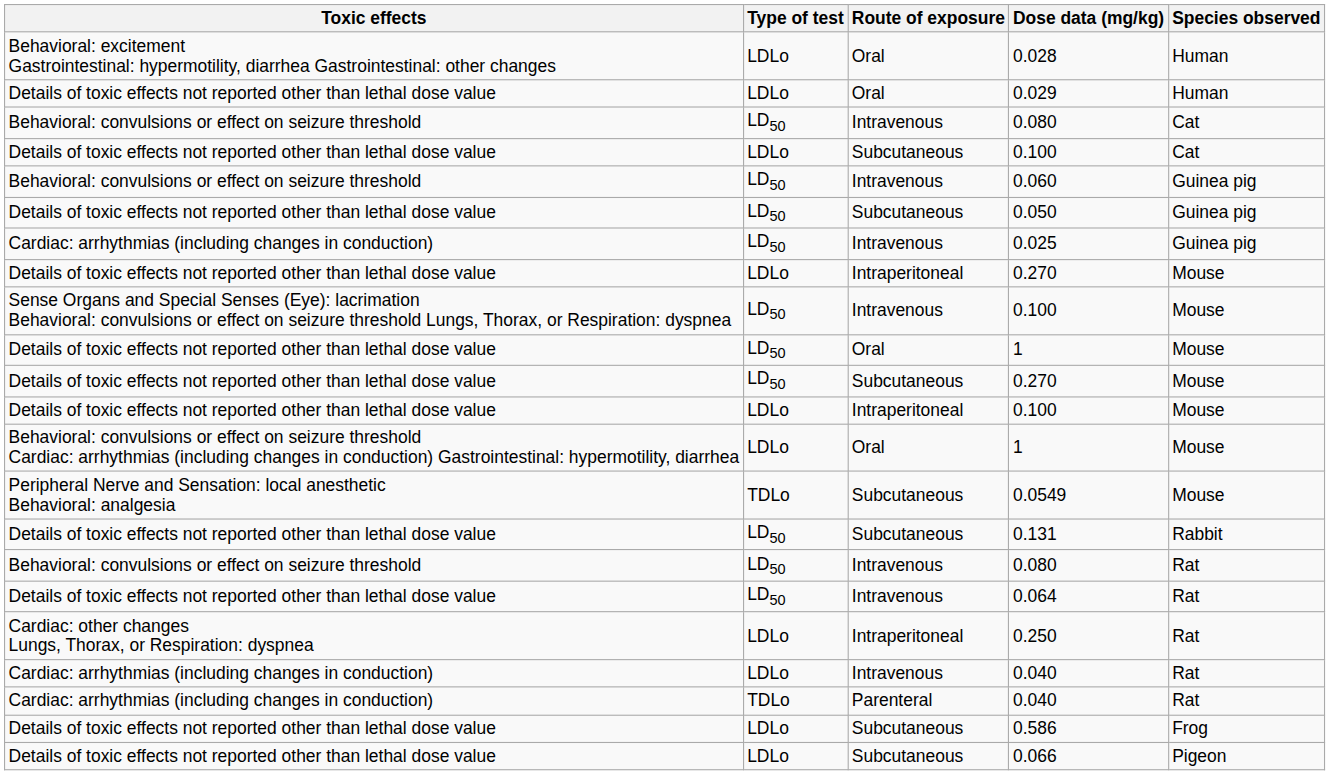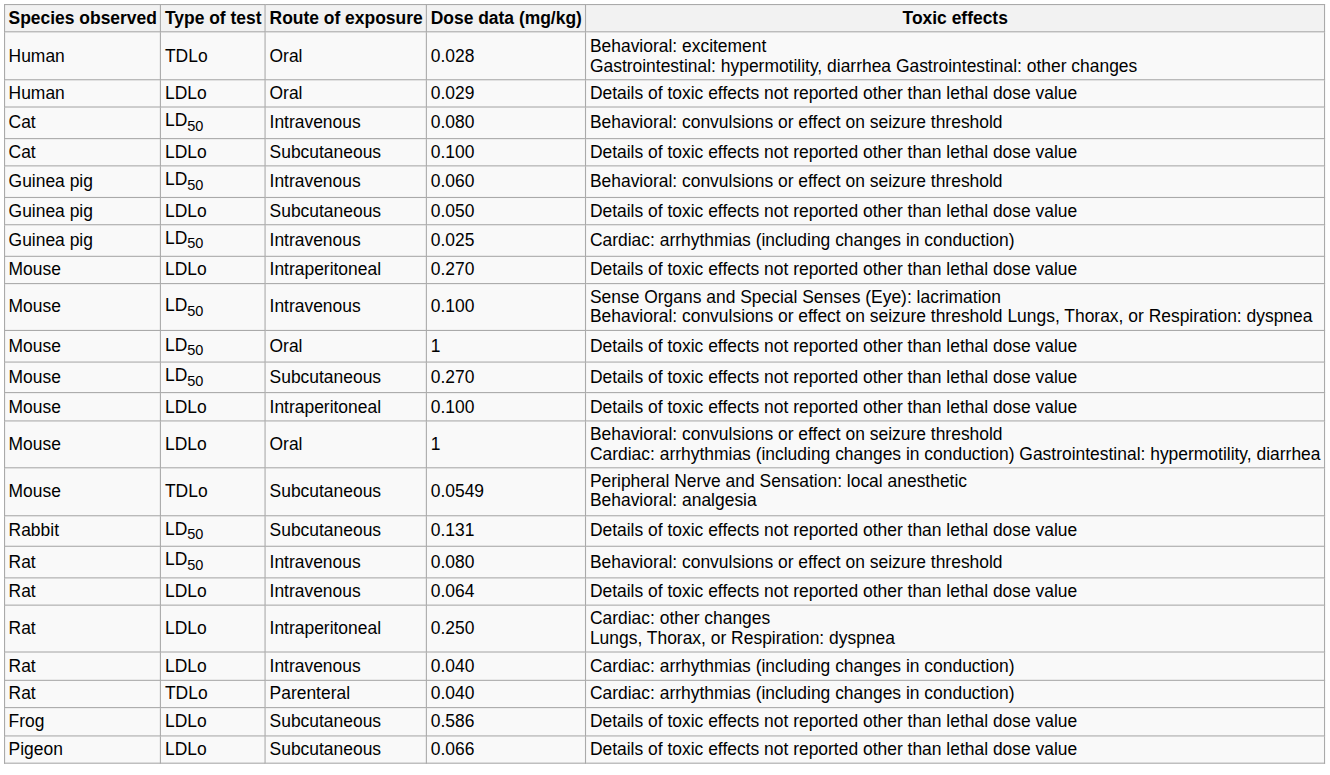 <table class="wikitable">
 <tr>
-<th>Toxic effects</th>
+<th>Species observed</th>
 <th>Type of test</th>
 <th>Route of exposure</th>
 <th>Dose data (mg/kg)</th>
-<th>Species observed</th>
+<th>Toxic effects</th>
 </tr>
 <tr>
-<td>Behavioral: excitement<br>Gastrointestinal: hypermotility, diarrhea Gastrointestinal: other changes</td>
-<td>LDLo</td>
+<td>Human</td>
+<td>TDLo</td>
 <td>Oral</td>
 <td>0.028</td>
-<td>Human</td>
+<td>Behavioral: excitement<br>Gastrointestinal: hypermotility, diarrhea Gastrointestinal: other changes</td>
 </tr>
 <tr>
-<td>Details of toxic effects not reported other than lethal dose value</td>
+<td>Human</td>
 <td>LDLo</td>
 <td>Oral</td>
 <td>0.029</td>
-<td>Human</td>
+<td>Details of toxic effects not reported other than lethal dose value</td>
 </tr>
 <tr>
-<td>Behavioral: convulsions or effect on seizure threshold</td>
+<td>Cat</td>
 <td>LD<sub>50</sub></td>
 <td>Intravenous</td>
 <td>0.080</td>
-<td>Cat</td>
+<td>Behavioral: convulsions or effect on seizure threshold</td>
 </tr>
 <tr>
-<td>Details of toxic effects not reported other than lethal dose value</td>
+<td>Cat</td>
 <td>LDLo</td>
 <td>Subcutaneous</td>
 <td>0.100</td>
-<td>Cat</td>
+<td>Details of toxic effects not reported other than lethal dose value</td>
 </tr>
 <tr>
-<td>Behavioral: convulsions or effect on seizure threshold</td>
+<td>Guinea pig</td>
 <td>LD<sub>50</sub></td>
 <td>Intravenous</td>
 <td>0.060</td>
-<td>Guinea pig</td>
+<td>Behavioral: convulsions or effect on seizure threshold</td>
 </tr>
 <tr>
-<td>Details of toxic effects not reported other than lethal dose value</td>
-<td>LD<sub>50</sub></td>
+<td>Guinea pig</td>
+<td>LDLo</td>
 <td>Subcutaneous</td>
 <td>0.050</td>
-<td>Guinea pig</td>
+<td>Details of toxic effects not reported other than lethal dose value</td>
 </tr>
 <tr>
-<td>Cardiac: arrhythmias (including changes in conduction)</td>
+<td>Guinea pig</td>
 <td>LD<sub>50</sub></td>
 <td>Intravenous</td>
 <td>0.025</td>
-<td>Guinea pig</td>
+<td>Cardiac: arrhythmias (including changes in conduction)</td>
 </tr>
 <tr>
-<td>Details of toxic effects not reported other than lethal dose value</td>
+<td>Mouse</td>
 <td>LDLo</td>
 <td>Intraperitoneal</td>
 <td>0.270</td>
-<td>Mouse</td>
+<td>Details of toxic effects not reported other than lethal dose value</td>
 </tr>
 <tr>
-<td>Sense Organs and Special Senses (Eye): lacrimation<br>Behavioral: convulsions or effect on seizure threshold Lungs, Thorax, or Respiration: dyspnea</td>
+<td>Mouse</td>
 <td>LD<sub>50</sub></td>
 <td>Intravenous</td>
 <td>0.100</td>
-<td>Mouse</td>
+<td>Sense Organs and Special Senses (Eye): lacrimation<br>Behavioral: convulsions or effect on seizure threshold Lungs, Thorax, or Respiration: dyspnea</td>
 </tr>
 <tr>
-<td>Details of toxic effects not reported other than lethal dose value</td>
+<td>Mouse</td>
 <td>LD<sub>50</sub></td>
 <td>Oral</td>
 <td>1</td>
-<td>Mouse</td>
+<td>Details of toxic effects not reported other than lethal dose value</td>
 </tr>
 <tr>
-<td>Details of toxic effects not reported other than lethal dose value</td>
+<td>Mouse</td>
 <td>LD<sub>50</sub></td>
 <td>Subcutaneous</td>
 <td>0.270</td>
-<td>Mouse</td>
+<td>Details of toxic effects not reported other than lethal dose value</td>
 </tr>
 <tr>
-<td>Details of toxic effects not reported other than lethal dose value</td>
+<td>Mouse</td>
 <td>LDLo</td>
 <td>Intraperitoneal</td>
 <td>0.100</td>
-<td>Mouse</td>
+<td>Details of toxic effects not reported other than lethal dose value</td>
 </tr>
 <tr>
-<td>Behavioral: convulsions or effect on seizure threshold<br>Cardiac: arrhythmias (including changes in conduction) Gastrointestinal: hypermotility, diarrhea</td>
+<td>Mouse</td>
 <td>LDLo</td>
 <td>Oral</td>
 <td>1</td>
-<td>Mouse</td>
+<td>Behavioral: convulsions or effect on seizure threshold<br>Cardiac: arrhythmias (including changes in conduction) Gastrointestinal: hypermotility, diarrhea</td>
 </tr>
 <tr>
-<td>Peripheral Nerve and Sensation: local anesthetic<br>Behavioral: analgesia</td>
+<td>Mouse</td>
 <td>TDLo</td>
 <td>Subcutaneous</td>
 <td>0.0549</td>
-<td>Mouse</td>
+<td>Peripheral Nerve and Sensation: local anesthetic<br>Behavioral: analgesia</td>
 </tr>
 <tr>
-<td>Details of toxic effects not reported other than lethal dose value</td>
+<td>Rabbit</td>
 <td>LD<sub>50</sub></td>
 <td>Subcutaneous</td>
 <td>0.131</td>
-<td>Rabbit</td>
+<td>Details of toxic effects not reported other than lethal dose value</td>
 </tr>
 <tr>
-<td>Behavioral: convulsions or effect on seizure threshold</td>
+<td>Rat</td>
 <td>LD<sub>50</sub></td>
 <td>Intravenous</td>
 <td>0.080</td>
-<td>Rat</td>
+<td>Behavioral: convulsions or effect on seizure threshold</td>
 </tr>
 <tr>
-<td>Details of toxic effects not reported other than lethal dose value</td>
-<td>LD<sub>50</sub></td>
+<td>Rat</td>
+<td>LDLo</td>
 <td>Intravenous</td>
 <td>0.064</td>
-<td>Rat</td>
+<td>Details of toxic effects not reported other than lethal dose value</td>
 </tr>
 <tr>
-<td>Cardiac: other changes<br>Lungs, Thorax, or Respiration: dyspnea</td>
+<td>Rat</td>
 <td>LDLo</td>
 <td>Intraperitoneal</td>
 <td>0.250</td>
-<td>Rat</td>
+<td>Cardiac: other changes<br>Lungs, Thorax, or Respiration: dyspnea</td>
 </tr>
 <tr>
-<td>Cardiac: arrhythmias (including changes in conduction)</td>
+<td>Rat</td>
 <td>LDLo</td>
 <td>Intravenous</td>
 <td>0.040</td>
-<td>Rat</td>
+<td>Cardiac: arrhythmias (including changes in conduction)</td>
 </tr>
 <tr>
-<td>Cardiac: arrhythmias (including changes in conduction)</td>
+<td>Rat</td>
 <td>TDLo</td>
 <td>Parenteral</td>
 <td>0.040</td>
-<td>Rat</td>
+<td>Cardiac: arrhythmias (including changes in conduction)</td>
 </tr>
 <tr>
-<td>Details of toxic effects not reported other than lethal dose value</td>
+<td>Frog</td>
 <td>LDLo</td>
 <td>Subcutaneous</td>
 <td>0.586</td>
-<td>Frog</td>
+<td>Details of toxic effects not reported other than lethal dose value</td>
 </tr>
 <tr>
-<td>Details of toxic effects not reported other than lethal dose value</td>
+<td>Pigeon</td>
 <td>LDLo</td>
 <td>Subcutaneous</td>
 <td>0.066</td>
-<td>Pigeon</td>
+<td>Details of toxic effects not reported other than lethal dose value</td>
 </tr>
 </table>
